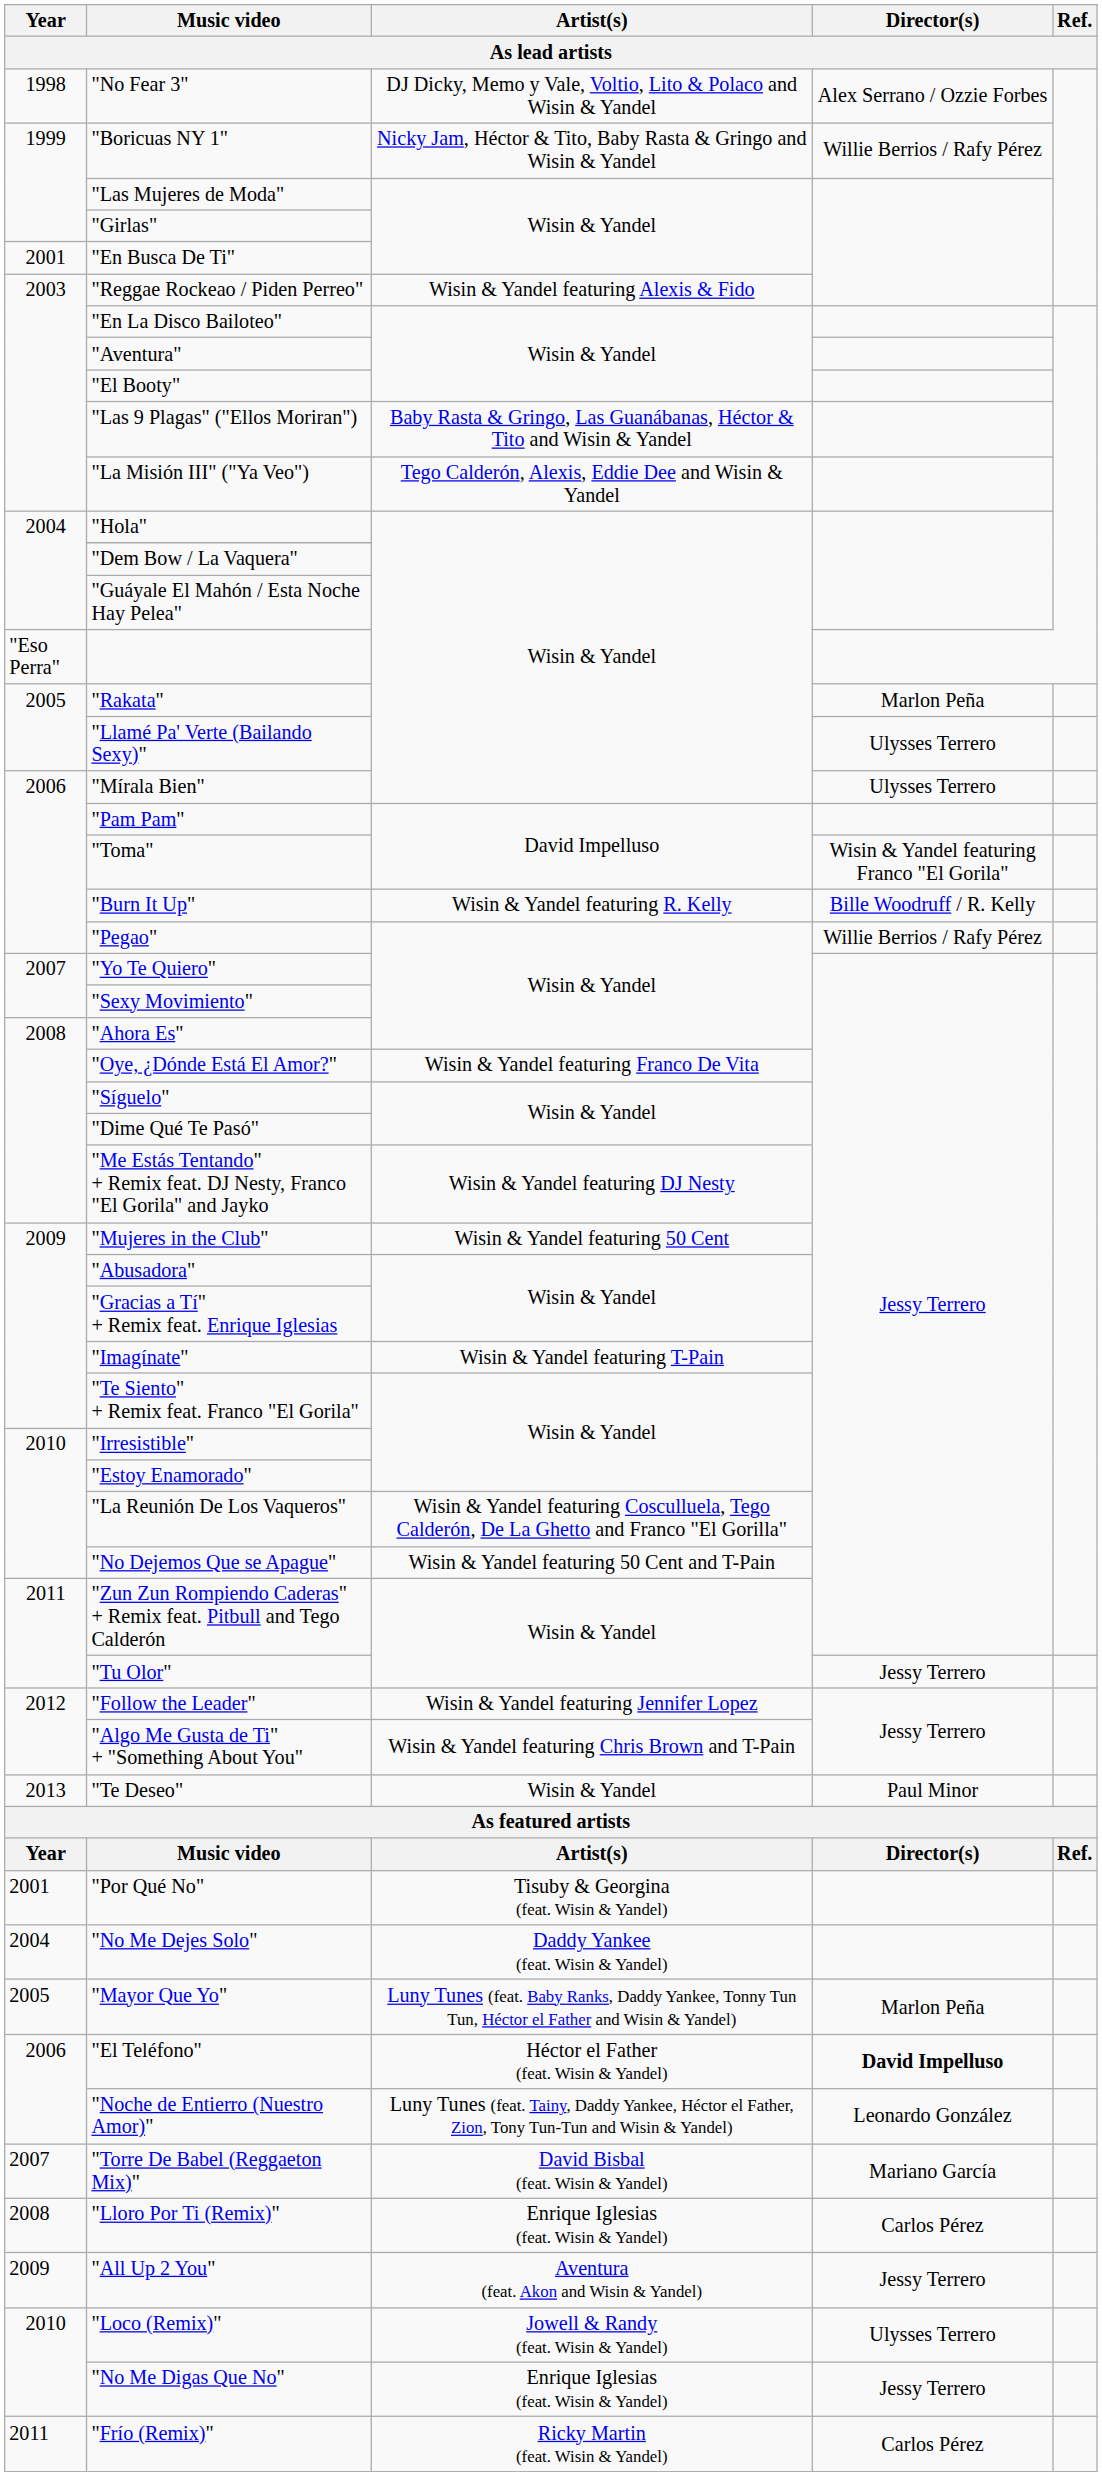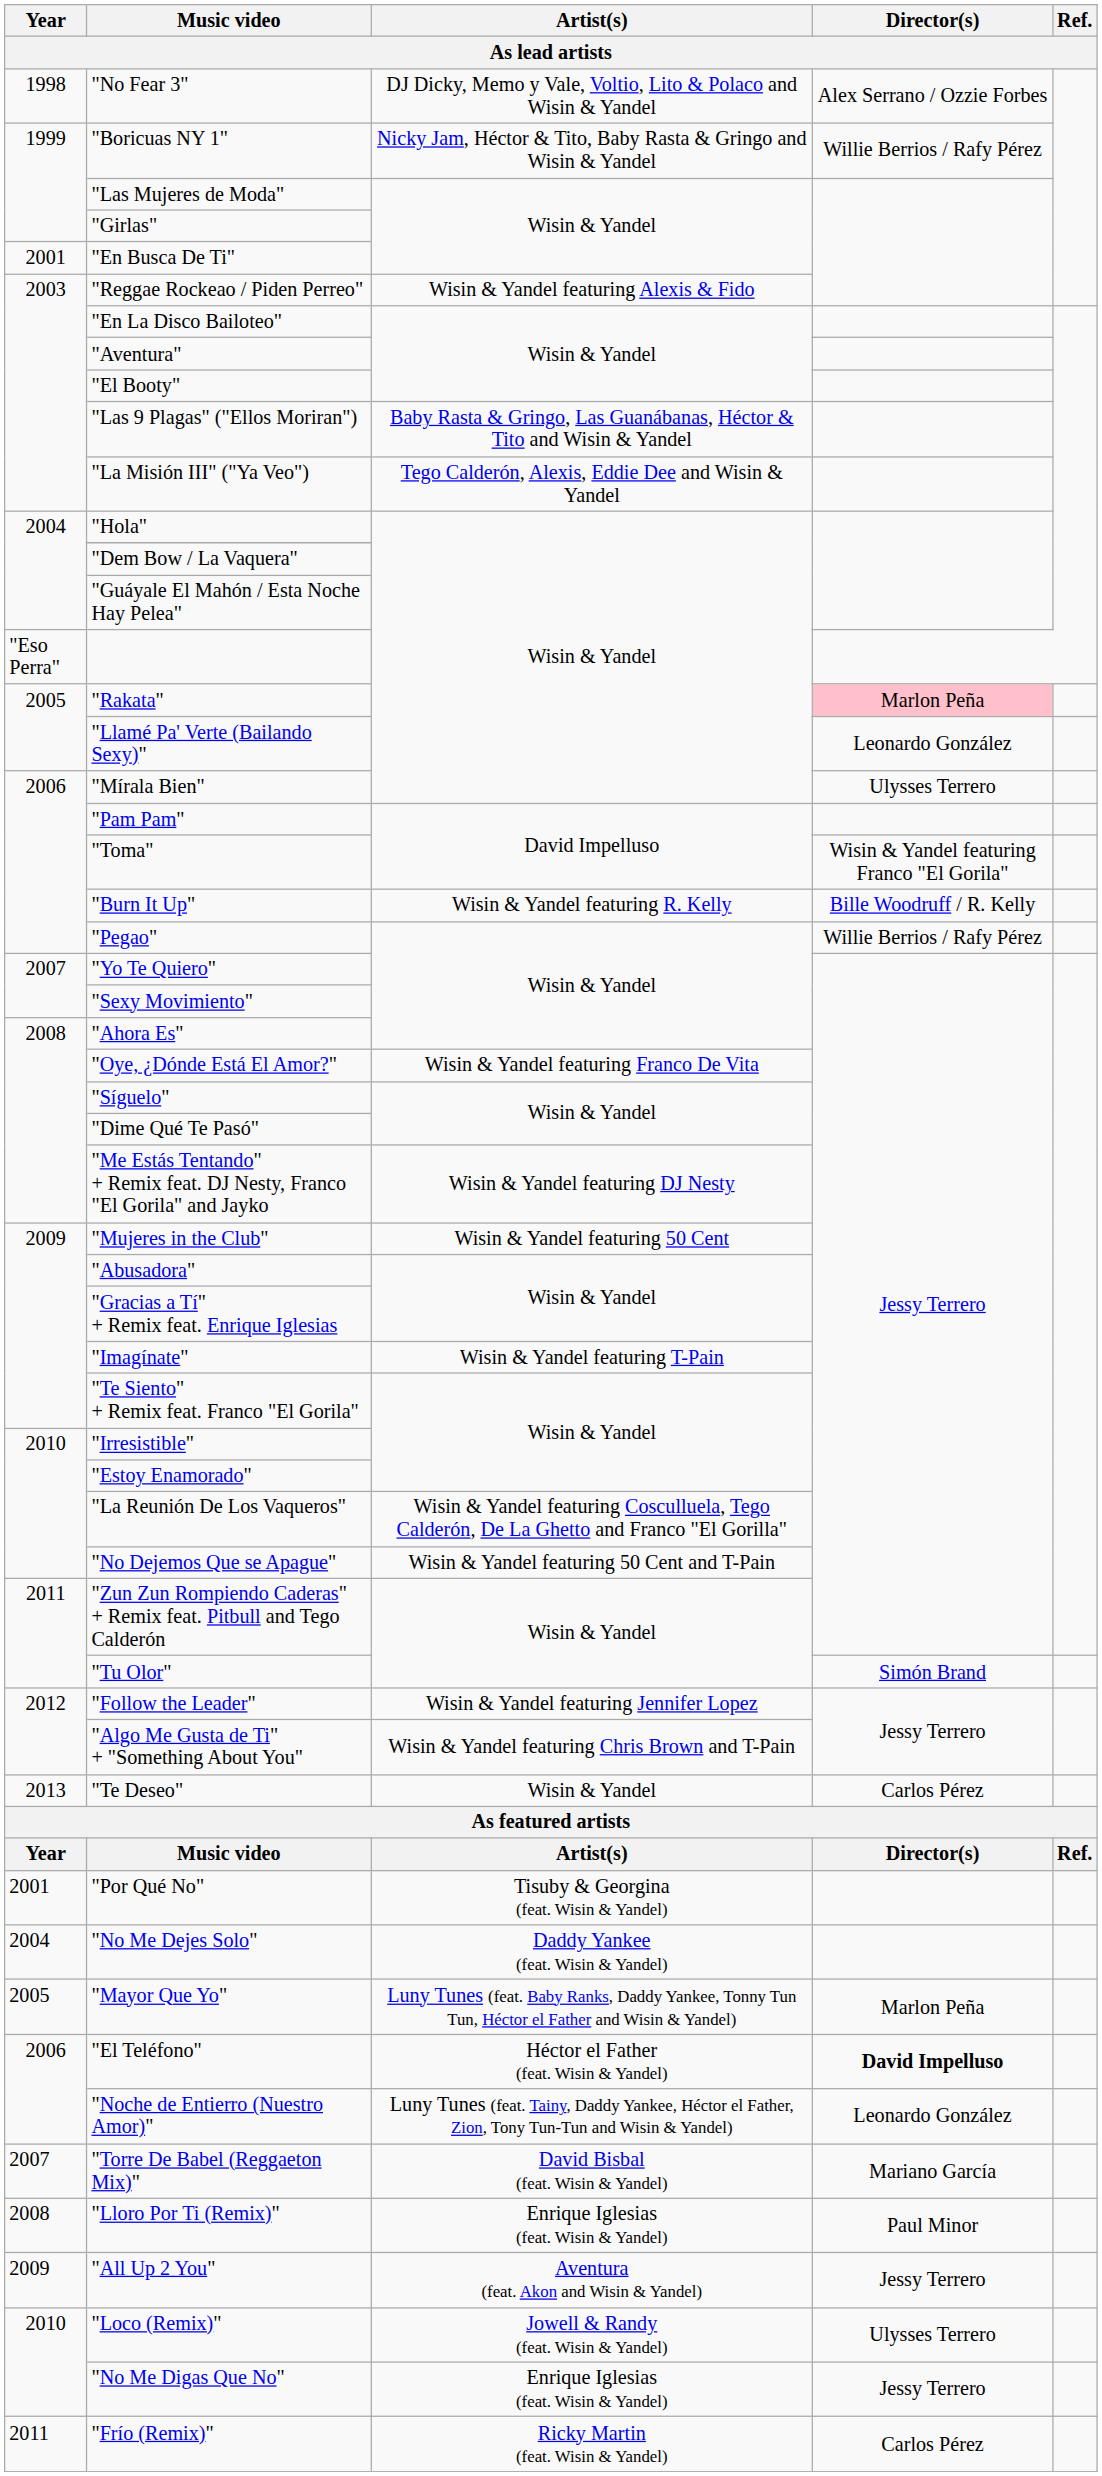 <table class="wikitable plainrowheaders" style="text-align:center;">
 <tr>
 <th scope="col">Year</th>
 <th scope="col">Music video</th>
 <th scope="col">Artist(s)</th>
 <th scope="col">Director(s)</th>
 <th scope="col">Ref.</th>
 </tr>
 <tr>
 <th scope="col" colspan="48">As lead artists</th>
 </tr>
 <tr>
 <td style="text-align:center;vertical-align:top;" rowspan="1">1998</td>
 <td style="text-align:left;vertical-align:top;">"No Fear 3"</td>
 <td>DJ Dicky, Memo y Vale, <a href='#'>Voltio</a>, <a href='#'>Lito & Polaco</a> and Wisin & Yandel</td>
 <td>Alex Serrano / Ozzie Forbes</td>
 <td rowspan="6"></td>
 </tr>
 <tr>
 <td style="text-align:center;vertical-align:top;" rowspan="3">1999</td>
 <td style="text-align:left;vertical-align:top;">"Boricuas NY 1"</td>
 <td><a href='#'>Nicky Jam</a>, Héctor & Tito, Baby Rasta & Gringo and Wisin & Yandel</td>
 <td>Willie Berrios / Rafy Pérez</td>
 </tr>
 <tr>
 <td style="text-align:left;vertical-align:top;">"Las Mujeres de Moda"</td>
 <td rowspan="3">Wisin & Yandel</td>
 </tr>
 <tr>
 <td style="text-align:left;vertical-align:top;">"Girlas"</td>
 </tr>
 <tr>
 <td style="text-align:center;vertical-align:top;" rowspan="1">2001</td>
 <td style="text-align:left;vertical-align:top;">"En Busca De Ti"</td>
 </tr>
 <tr>
 <td style="text-align:center;vertical-align:top;" rowspan="6">2003</td>
 <td style="text-align:left;vertical-align:top;">"Reggae Rockeao / Piden Perreo"</td>
 <td>Wisin & Yandel featuring <a href='#'>Alexis & Fido</a></td>
 </tr>
 <tr>
 <td style="text-align:left;vertical-align:top;">"En La Disco Bailoteo"</td>
 <td rowspan="3">Wisin & Yandel</td>
 <td></td>
 </tr>
 <tr>
 <td style="text-align:left;vertical-align:top;">"Aventura"</td>
 <td></td>
 </tr>
 <tr>
 <td style="text-align:left;vertical-align:top;">"El Booty"</td>
 <td></td>
 </tr>
 <tr>
 <td style="text-align:left;vertical-align:top;">"Las 9 Plagas" ("Ellos Moriran")</td>
 <td><a href='#'>Baby Rasta & Gringo</a>, <a href='#'>Las Guanábanas</a>, <a href='#'>Héctor & Tito</a> and Wisin & Yandel</td>
 <td></td>
 </tr>
 <tr>
 <td style="text-align:left;vertical-align:top;">"La Misión III" ("Ya Veo")</td>
 <td><a href='#'>Tego Calderón</a>, <a href='#'>Alexis</a>, <a href='#'>Eddie Dee</a> and Wisin & Yandel</td>
 <td></td>
 </tr>
 <tr>
 <td style="text-align:center;vertical-align:top;" rowspan="4">2004</td>
 <td style="text-align:left;vertical-align:top;">"Hola"</td>
 <td rowspan="8">Wisin & Yandel</td>
 <td rowspan="4"></td>
 </tr>
 <tr>
 </tr>
 <tr>
 <td style="text-align:left;vertical-align:top;">"Dem Bow / La Vaquera"</td>
 </tr>
 <tr>
 <td style="text-align:left;vertical-align:top;">"Guáyale El Mahón / Esta Noche Hay Pelea"</td>
 </tr>
 <tr>
 <td style="text-align:left;vertical-align:top;">"Eso Perra"</td>
 </tr>
 <tr>
 <td style="text-align:center;vertical-align:top;" rowspan="2">2005</td>
 <td style="text-align:left;vertical-align:top;">"<a href='#'>Rakata</a>"</td>
-<td>Marlon Peña</td>
+<td style="background: pink;">Marlon Peña</td>
 <td></td>
 </tr>
 <tr>
 <td style="text-align:left;vertical-align:top;">"<a href='#'>Llamé Pa' Verte (Bailando Sexy)</a>"</td>
-<td>Ulysses Terrero</td>
+<td>Leonardo González</td>
 <td></td>
 </tr>
 <tr>
 <td style="text-align:center;vertical-align:top;" rowspan="5">2006</td>
 <td style="text-align:left;vertical-align:top;">"Mírala Bien"</td>
 <td>Ulysses Terrero</td>
 <td></td>
 </tr>
 <tr>
 <td style="text-align:left;vertical-align:top;">"<a href='#'>Pam Pam</a>"</td>
 <td rowspan="2">David Impelluso</td>
 <td></td>
 </tr>
 <tr>
 <td style="text-align:left;vertical-align:top;">"Toma"</td>
 <td>Wisin & Yandel featuring Franco "El Gorila"</td>
 <td></td>
 </tr>
 <tr David Impelluso>
 <td style="text-align:left;vertical-align:top;">"<a href='#'>Burn It Up</a>"</td>
 <td>Wisin & Yandel featuring <a href='#'>R. Kelly</a></td>
 <td><a href='#'>Bille Woodruff</a> / R. Kelly</td>
 <td></td>
 </tr>
 <tr>
 <td style="text-align:left;vertical-align:top;">"<a href='#'>Pegao</a>"</td>
 <td rowspan="4">Wisin & Yandel</td>
 <td>Willie Berrios / Rafy Pérez</td>
 <td></td>
 </tr>
 <tr>
 <td style="text-align:center;vertical-align:top;" rowspan="2">2007</td>
 <td style="text-align:left;vertical-align:top;">"<a href='#'>Yo Te Quiero</a>"</td>
 <td rowspan="17"><a href='#'>Jessy Terrero</a></td>
 <td rowspan="17"></td>
 </tr>
 <tr>
 <td style="text-align:left;vertical-align:top;">"<a href='#'>Sexy Movimiento</a>"</td>
 </tr>
 <tr>
 <td style="text-align:center;vertical-align:top;" rowspan="5">2008</td>
 <td style="text-align:left;vertical-align:top;">"<a href='#'>Ahora Es</a>"</td>
 </tr>
 <tr>
 <td style="text-align:left;vertical-align:top;">"<a href='#'>Oye, ¿Dónde Está El Amor?</a>"</td>
 <td>Wisin & Yandel featuring <a href='#'>Franco De Vita</a></td>
 </tr>
 <tr>
 <td style="text-align:left;vertical-align:top;">"<a href='#'>Síguelo</a>"</td>
 <td rowspan="2">Wisin & Yandel</td>
 </tr>
 <tr>
 <td style="text-align:left;vertical-align:top;">"Dime Qué Te Pasó"</td>
 </tr>
 <tr>
 <td style="text-align:left;vertical-align:top;">"<a href='#'>Me Estás Tentando</a>"<br>+ Remix feat. DJ Nesty, Franco "El Gorila" and Jayko</td>
 <td>Wisin & Yandel featuring <a href='#'>DJ Nesty</a></td>
 </tr>
 <tr>
 <td style="text-align:center;vertical-align:top;" rowspan="5">2009</td>
 <td style="text-align:left;vertical-align:top;">"<a href='#'>Mujeres in the Club</a>"</td>
 <td>Wisin & Yandel featuring <a href='#'>50 Cent</a></td>
 </tr>
 <tr>
 <td style="text-align:left;vertical-align:top;">"<a href='#'>Abusadora</a>"</td>
 <td rowspan="2">Wisin & Yandel</td>
 </tr>
 <tr>
 <td style="text-align:left;vertical-align:top;">"<a href='#'>Gracias a Tí</a>"<br>+ Remix feat. <a href='#'>Enrique Iglesias</a></td>
 </tr>
 <tr>
 <td style="text-align:left;vertical-align:top;">"<a href='#'>Imagínate</a>"</td>
 <td>Wisin & Yandel featuring <a href='#'>T-Pain</a></td>
 </tr>
 <tr>
 <td style="text-align:left;vertical-align:top;">"<a href='#'>Te Siento</a>"<br>+ Remix feat. Franco "El Gorila"</td>
 <td rowspan="3">Wisin & Yandel</td>
 </tr>
 <tr>
 <td style="text-align:center;vertical-align:top;" rowspan="4">2010</td>
 <td style="text-align:left;vertical-align:top;">"<a href='#'>Irresistible</a>"</td>
 </tr>
 <tr>
 <td style="text-align:left;vertical-align:top;">"<a href='#'>Estoy Enamorado</a>"</td>
 </tr>
 <tr>
 <td style="text-align:left;vertical-align:top;">"La Reunión De Los Vaqueros"</td>
 <td>Wisin & Yandel featuring <a href='#'>Cosculluela</a>, <a href='#'>Tego Calderón</a>, <a href='#'>De La Ghetto</a> and Franco "El Gorilla"</td>
 </tr>
 <tr>
 <td style="text-align:left;vertical-align:top;">"<a href='#'>No Dejemos Que se Apague</a>"</td>
 <td>Wisin & Yandel featuring 50 Cent and T-Pain</td>
 </tr>
 <tr>
 <td style="text-align:center;vertical-align:top;" rowspan="2">2011</td>
 <td style="text-align:left;vertical-align:top;">"<a href='#'>Zun Zun Rompiendo Caderas</a>"<br>+ Remix feat. <a href='#'>Pitbull</a> and Tego Calderón</td>
 <td rowspan="2">Wisin & Yandel</td>
 </tr>
 <tr>
 <td style="text-align:left;vertical-align:top;">"<a href='#'>Tu Olor</a>"</td>
-<td>Jessy Terrero</td>
+<td><a href='#'>Simón Brand</a></td>
 <td></td>
 </tr>
 <tr>
 <td style="text-align:center;vertical-align:top;" rowspan="2">2012</td>
 <td style="text-align:left;vertical-align:top;">"<a href='#'>Follow the Leader</a>"</td>
 <td>Wisin & Yandel featuring <a href='#'>Jennifer Lopez</a></td>
 <td rowspan="2">Jessy Terrero</td>
 <td rowspan="2"></td>
 </tr>
 <tr>
 <td style="text-align:left;vertical-align:top;">"<a href='#'>Algo Me Gusta de Ti</a>"<br>+ "Something About You"</td>
 <td>Wisin & Yandel featuring <a href='#'>Chris Brown</a> and T-Pain</td>
 </tr>
 <tr>
 <td style="text-align:center;vertical-align:top;">2013</td>
 <td style="text-align:left;vertical-align:top;">"Te Deseo"</td>
 <td>Wisin & Yandel</td>
-<td>Paul Minor</td>
+<td>Carlos Pérez</td>
 <td></td>
 </tr>
 <tr>
 <th scope="col" colspan="11">As featured artists</th>
 </tr>
 <tr>
 <th scope="col">Year</th>
 <th scope="col">Music video</th>
 <th scope="col">Artist(s)</th>
 <th scope="col">Director(s)</th>
 <th scope="col">Ref.</th>
 </tr>
 <tr>
 <td style="text-align:left;vertical-align:top;">2001</td>
 <td style="text-align:left;vertical-align:top;">"Por Qué No"</td>
 <td>Tisuby & Georgina <br><small>(feat. Wisin & Yandel)</small></td>
 <td></td>
 <td></td>
 </tr>
 <tr>
 <td style="text-align:left;vertical-align:top;">2004</td>
 <td style="text-align:left;vertical-align:top;">"<a href='#'>No Me Dejes Solo</a>"</td>
 <td><a href='#'>Daddy Yankee</a> <br><small>(feat. Wisin & Yandel)</small></td>
 <td></td>
 <td></td>
 </tr>
 <tr>
 <td style="text-align:left;vertical-align:top;">2005</td>
 <td style="text-align:left;vertical-align:top;">"<a href='#'>Mayor Que Yo</a>"</td>
 <td><a href='#'>Luny Tunes</a> <small>(feat. <a href='#'>Baby Ranks</a>, Daddy Yankee, Tonny Tun Tun, <a href='#'>Héctor el Father</a> and Wisin & Yandel)</small></td>
 <td>Marlon Peña</td>
 <td></td>
 </tr>
 <tr>
 <td style="text-align:center;vertical-align:top;" rowspan="2">2006</td>
 <td style="text-align:left;vertical-align:top;">"El Teléfono"</td>
 <td>Héctor el Father <br><small>(feat. Wisin & Yandel)</small></td>
 <td><strong>David Impelluso</strong></td>
 <td></td>
 </tr>
 <tr>
 <td style="text-align:left;vertical-align:top;">"<a href='#'>Noche de Entierro (Nuestro Amor)</a>"</td>
 <td>Luny Tunes <small>(feat. <a href='#'>Tainy</a>, Daddy Yankee, Héctor el Father, <a href='#'>Zion</a>, Tony Tun-Tun and Wisin & Yandel)</small></td>
 <td>Leonardo González</td>
 <td></td>
 </tr>
 <tr>
 <td style="text-align:left;vertical-align:top;">2007</td>
 <td style="text-align:left;vertical-align:top;">"<a href='#'>Torre De Babel (Reggaeton Mix)</a>"</td>
 <td><a href='#'>David Bisbal</a> <br><small>(feat. Wisin & Yandel)</small></td>
 <td>Mariano García</td>
 <td></td>
 </tr>
 <tr>
 <td style="text-align:left;vertical-align:top;">2008</td>
 <td style="text-align:left;vertical-align:top;">"<a href='#'>Lloro Por Ti (Remix)</a>"</td>
 <td>Enrique Iglesias <br><small>(feat. Wisin & Yandel)</small></td>
-<td>Carlos Pérez</td>
+<td>Paul Minor</td>
 <td></td>
 </tr>
 <tr>
 <td style="text-align:left;vertical-align:top;">2009</td>
 <td style="text-align:left;vertical-align:top;">"<a href='#'>All Up 2 You</a>"</td>
 <td><a href='#'>Aventura</a> <br><small>(feat. <a href='#'>Akon</a> and Wisin & Yandel)</small></td>
 <td>Jessy Terrero</td>
 <td></td>
 </tr>
 <tr>
 <td style="text-align:center;vertical-align:top;" rowspan="2">2010</td>
 <td style="text-align:left;vertical-align:top;">"<a href='#'>Loco (Remix)</a>"</td>
 <td><a href='#'>Jowell & Randy</a> <br><small>(feat. Wisin & Yandel)</small></td>
 <td>Ulysses Terrero</td>
 <td></td>
 </tr>
 <tr>
 <td style="text-align:left;vertical-align:top;">"<a href='#'>No Me Digas Que No</a>"</td>
 <td>Enrique Iglesias <br><small>(feat. Wisin & Yandel)</small></td>
 <td>Jessy Terrero</td>
 <td></td>
 </tr>
 <tr>
 <td style="text-align:left;vertical-align:top;">2011</td>
 <td style="text-align:left;vertical-align:top;">"<a href='#'>Frío (Remix)</a>"</td>
 <td><a href='#'>Ricky Martin</a> <br><small>(feat. Wisin & Yandel)</small></td>
 <td>Carlos Pérez</td>
 <td></td>
 </tr>
 </table>
